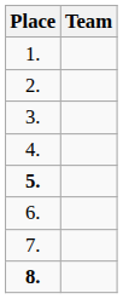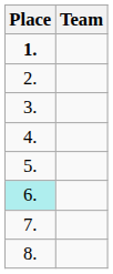 <table class="wikitable" style="text-align: center;">
 <tr>
 <th>Place</th>
 <th>Team</th>
 </tr>
 <tr>
-<td>1.</td>
+<td><strong>1.</strong></td>
 <td style="text-align:left;"></td>
 </tr>
 <tr>
 <td>2.</td>
 <td style="text-align:left;"></td>
 </tr>
 <tr>
 <td>3.</td>
 <td style="text-align:left;"></td>
 </tr>
 <tr>
 <td>4.</td>
 <td style="text-align:left;"></td>
 </tr>
 <tr>
-<td><strong>5.</strong></td>
+<td>5.</td>
 <td style="text-align:left;"></td>
 </tr>
 <tr>
-<td>6.</td>
+<td style="background: paleturquoise;">6.</td>
 <td style="text-align:left;"></td>
 </tr>
 <tr>
 <td>7.</td>
 <td style="text-align:left;"></td>
 </tr>
 <tr>
-<td><strong>8.</strong></td>
+<td>8.</td>
 <td style="text-align:left;"></td>
 </tr>
 </table>
